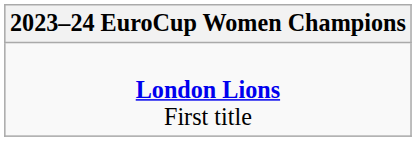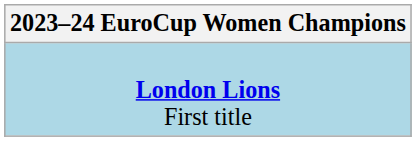 <table class=wikitable style="text-align:center; margin:auto">
 <tr>
 <th>2023–24 EuroCup Women Champions</th>
 </tr>
 <tr>
-<td> <br><strong><a href='#'>London Lions</a></strong><br>First title</td>
+<td style="background: lightblue;"> <br><strong><a href='#'>London Lions</a></strong><br>First title</td>
 </tr>
 </table>
